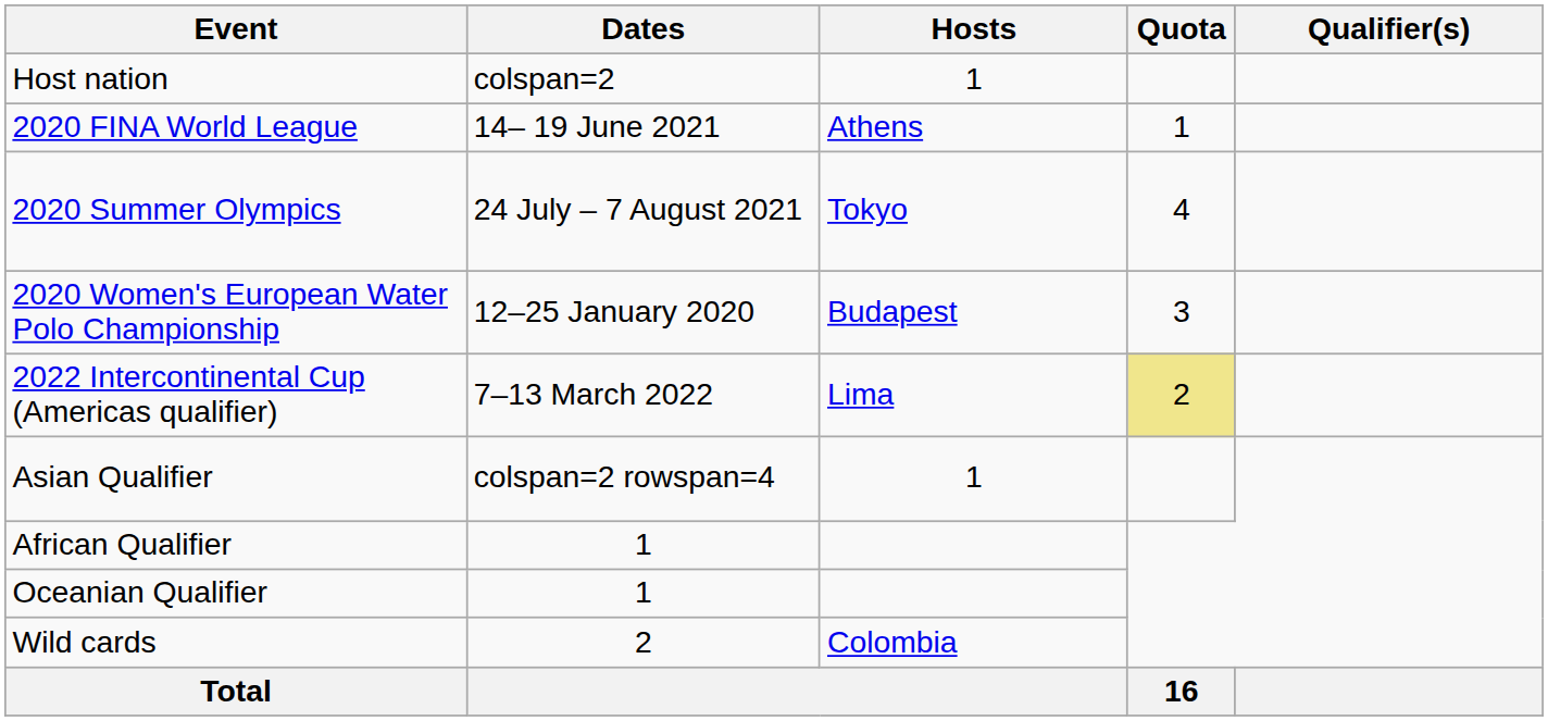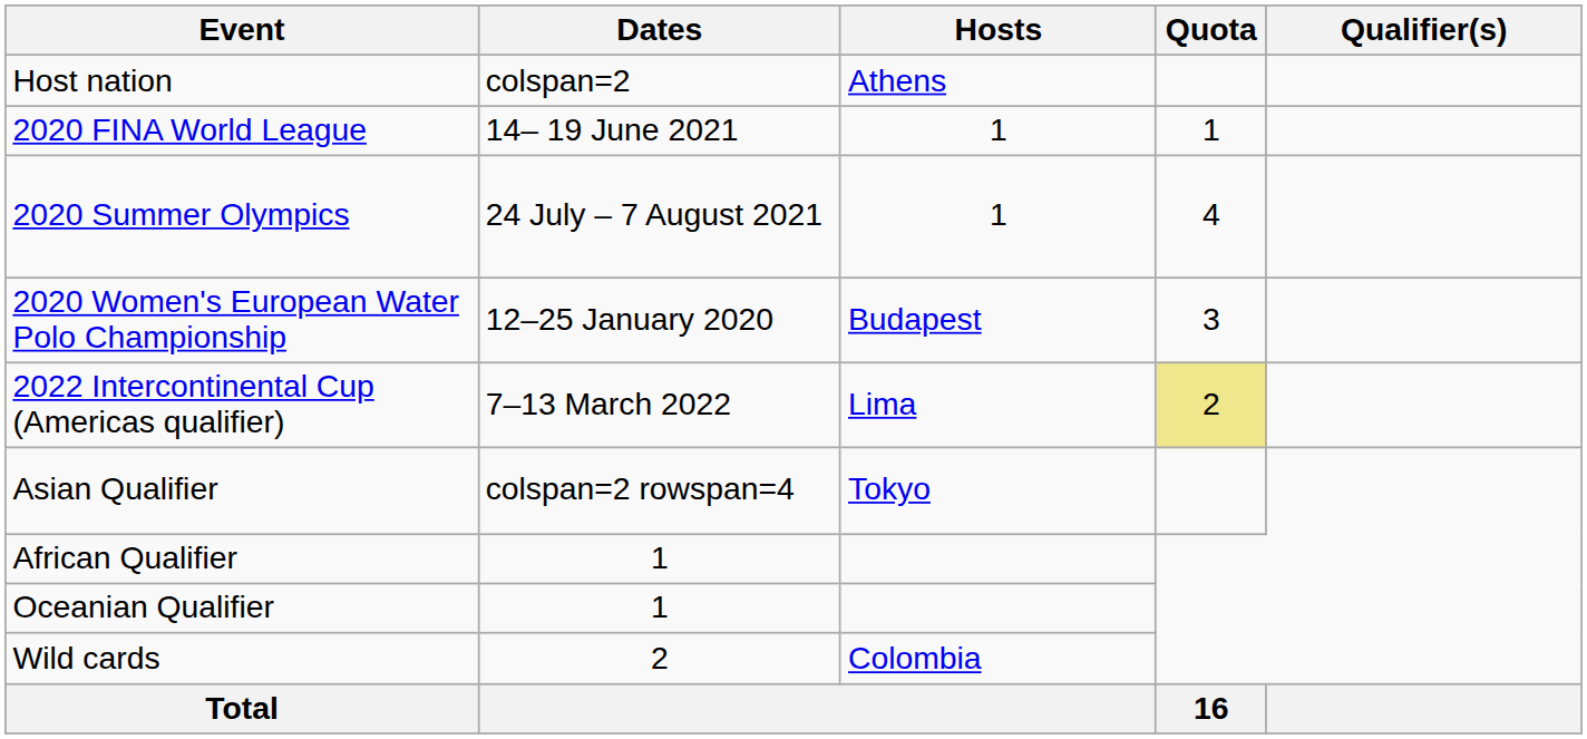 <table class="wikitable" style="width: 800px;">
 <tr>
 <th style="width: 30%;">Event</th>
 <th style-"width: 23%;">Dates</th>
 <th style="width: 20%;">Hosts</th>
 <th style="width: 7%;">Quota</th>
 <th style="width: 20%;">Qualifier(s)</th>
 </tr>
 <tr>
 <td>Host nation</td>
 <td>colspan=2 </td>
-<td align="center">1</td>
+<td> <a href='#'>Athens</a></td>
 <td></td>
 </tr>
 <tr>
 <td><a href='#'>2020 FINA World League</a></td>
 <td>14– 19 June 2021</td>
-<td> <a href='#'>Athens</a></td>
+<td align="center">1</td>
 <td align="center">1</td>
 <td><br><s></s></td>
 </tr>
 <tr>
 <td><a href='#'>2020 Summer Olympics</a></td>
 <td>24 July – 7 August 2021</td>
-<td> <a href='#'>Tokyo</a></td>
+<td align="center">1</td>
 <td align="center">4</td>
 <td><br><br><br></td>
 </tr>
 <tr>
 <td><a href='#'>2020 Women's European Water Polo Championship</a></td>
 <td>12–25 January 2020</td>
 <td> <a href='#'>Budapest</a></td>
 <td align="center">3</td>
 <td><br><br></td>
 </tr>
 <tr>
 <td><a href='#'>2022 Intercontinental Cup</a><br>(Americas qualifier)</td>
 <td>7–13 March 2022</td>
 <td> <a href='#'>Lima</a></td>
 <td align="center" style="background: khaki;">2</td>
 <td><br></td>
 </tr>
 <tr>
 <td>Asian Qualifier</td>
 <td>colspan=2 rowspan=4 </td>
-<td align="center">1</td>
+<td> <a href='#'>Tokyo</a></td>
 <td><s><br></s><br></td>
 </tr>
 <tr>
 <td>African Qualifier</td>
 <td align="center">1</td>
 <td></td>
 </tr>
 <tr>
 <td>Oceanian Qualifier</td>
 <td align="center">1</td>
 <td></td>
 </tr>
 <tr>
 <td>Wild cards</td>
 <td align="center">2</td>
 <td> <a href='#'>Colombia</a><br></td>
 </tr>
 <tr>
 <th>Total</th>
 <th colspan="2"></th>
 <th>16</th>
 <th></th>
 </tr>
 </table>
